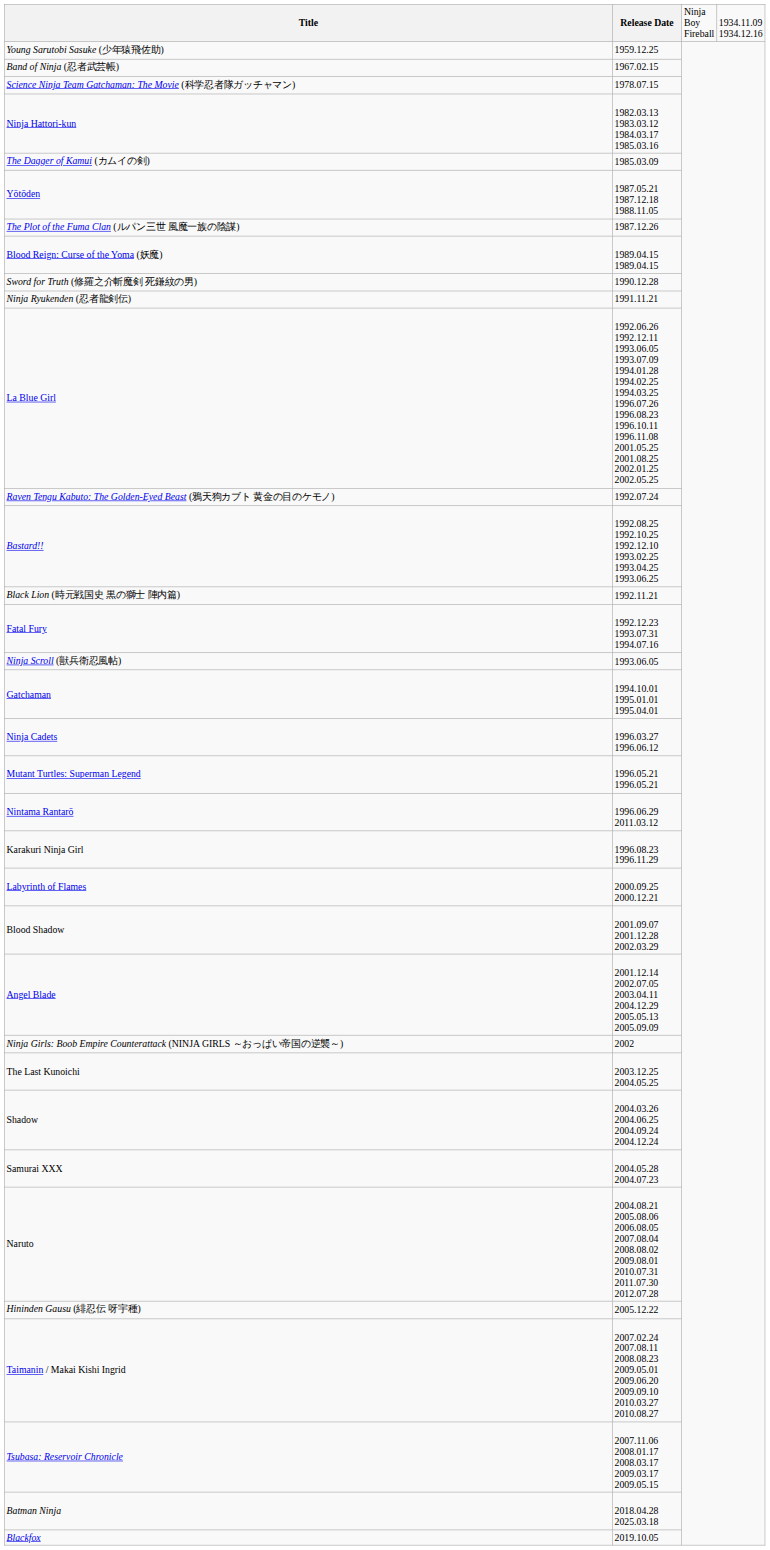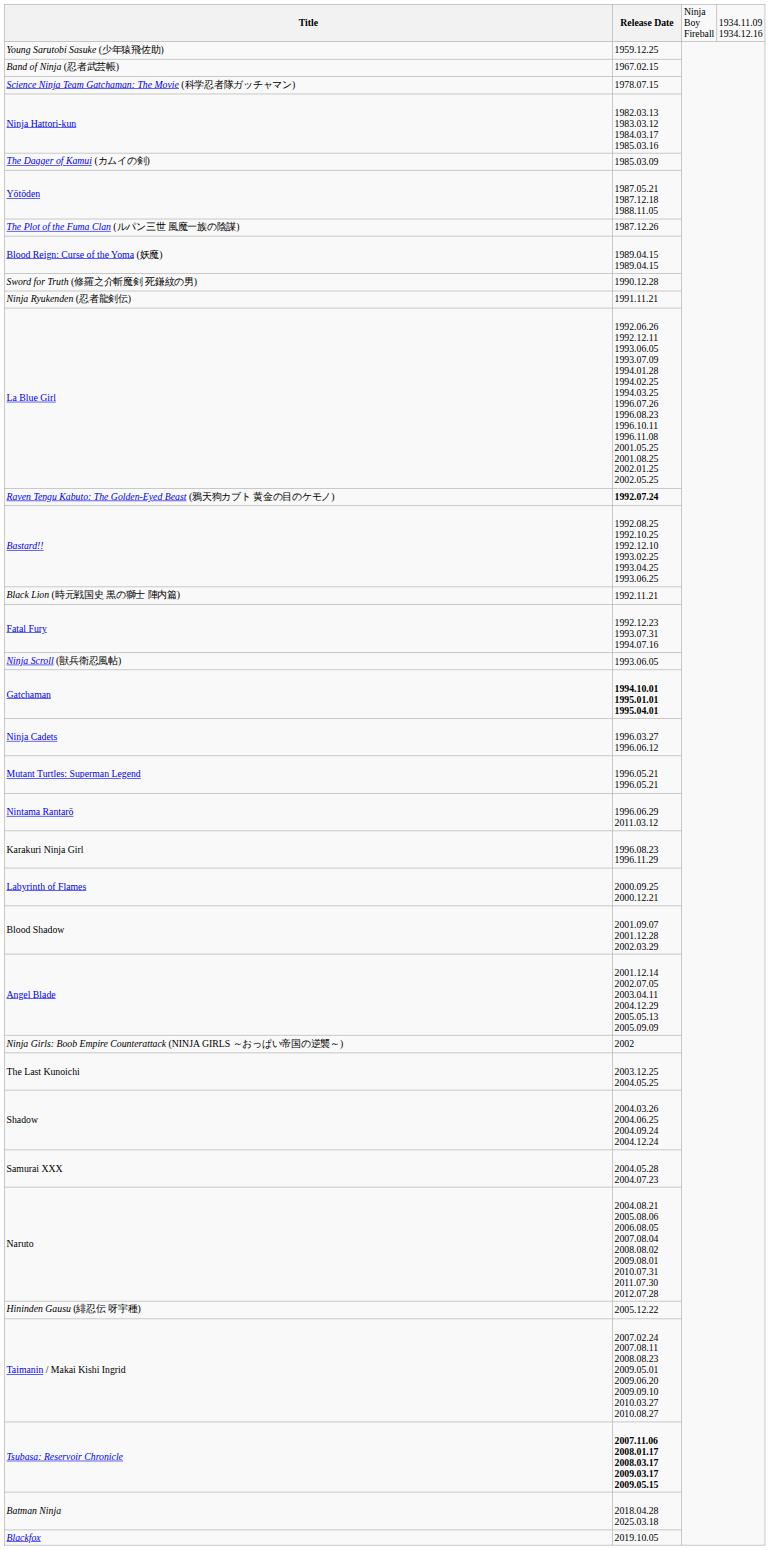 <table class="wikitable">
 <tr>
 <th width="1085">Title</th>
 <th width="110">Release Date</th>
 <td>Ninja Boy Fireball<br></td>
 <td><br>1934.11.09<br>1934.12.16</td>
 </tr>
 <tr>
 <td><em>Young Sarutobi Sasuke</em> (少年猿飛佐助)</td>
 <td>1959.12.25</td>
 </tr>
 <tr>
 <td><em>Band of Ninja</em> (忍者武芸帳)</td>
 <td>1967.02.15</td>
 </tr>
 <tr>
 <td><em><a href='#'>Science Ninja Team Gatchaman: The Movie</a></em> (科学忍者隊ガッチャマン)</td>
 <td>1978.07.15</td>
 </tr>
 <tr>
 <td><a href='#'>Ninja Hattori-kun</a><br></td>
 <td><br>1982.03.13<br>1983.03.12<br>1984.03.17<br>1985.03.16</td>
 </tr>
 <tr>
 <td><em><a href='#'>The Dagger of Kamui</a></em> (カムイの剣)</td>
 <td>1985.03.09</td>
 </tr>
 <tr>
 <td><a href='#'>Yōtōden</a> <br></td>
 <td><br>1987.05.21<br>1987.12.18<br>1988.11.05</td>
 </tr>
 <tr>
 <td><em><a href='#'>The Plot of the Fuma Clan</a></em> (ルパン三世 風魔一族の陰謀)</td>
 <td>1987.12.26</td>
 </tr>
 <tr>
 <td><a href='#'>Blood Reign: Curse of the Yoma</a> (妖魔) <br></td>
 <td><br>1989.04.15<br>1989.04.15</td>
 </tr>
 <tr>
 <td><em>Sword for Truth</em> (修羅之介斬魔剣 死鎌紋の男)</td>
 <td>1990.12.28</td>
 </tr>
 <tr>
 <td><em>Ninja Ryukenden</em> (忍者龍剣伝) </td>
 <td>1991.11.21</td>
 </tr>
 <tr>
 <td><a href='#'>La Blue Girl</a> <br></td>
 <td><br>1992.06.26<br>1992.12.11<br>1993.06.05<br>1993.07.09<br>1994.01.28<br>1994.02.25<br>1994.03.25<br>1996.07.26<br>1996.08.23<br>1996.10.11<br>1996.11.08<br>2001.05.25<br>2001.08.25<br>2002.01.25<br>2002.05.25</td>
 </tr>
 <tr>
 <td><em><a href='#'>Raven Tengu Kabuto: The Golden-Eyed Beast</a></em> (鴉天狗カブト 黄金の目のケモノ)</td>
-<td>1992.07.24</td>
+<td><strong>1992.07.24</strong></td>
 </tr>
 <tr>
 <td><em><a href='#'>Bastard!!</a></em> <br></td>
 <td><br>1992.08.25<br>1992.10.25<br>1992.12.10<br>1993.02.25<br>1993.04.25<br>1993.06.25</td>
 </tr>
 <tr>
 <td><em>Black Lion</em> (時元戦国史 黒の獅士 陣内篇)</td>
 <td>1992.11.21</td>
 </tr>
 <tr>
 <td><a href='#'>Fatal Fury</a><br></td>
 <td><br>1992.12.23<br>1993.07.31<br>1994.07.16</td>
 </tr>
 <tr>
 <td><em><a href='#'>Ninja Scroll</a></em> (獣兵衛忍風帖) </td>
 <td>1993.06.05</td>
 </tr>
 <tr>
 <td><a href='#'>Gatchaman</a> <br></td>
-<td><br>1994.10.01<br>1995.01.01<br>1995.04.01</td>
+<td><strong><br>1994.10.01<br>1995.01.01<br>1995.04.01</strong></td>
 </tr>
 <tr>
 <td><a href='#'>Ninja Cadets</a> <br></td>
 <td><br>1996.03.27<br>1996.06.12</td>
 </tr>
 <tr>
 <td><a href='#'>Mutant Turtles: Superman Legend</a> <br></td>
 <td><br>1996.05.21<br>1996.05.21</td>
 </tr>
 <tr>
 <td><a href='#'>Nintama Rantarō</a> <br></td>
 <td><br>1996.06.29<br>2011.03.12</td>
 </tr>
 <tr>
 <td>Karakuri Ninja Girl <br></td>
 <td><br>1996.08.23<br>1996.11.29</td>
 </tr>
 <tr>
 <td><a href='#'>Labyrinth of Flames</a> <br></td>
 <td><br>2000.09.25<br>2000.12.21</td>
 </tr>
 <tr>
 <td>Blood Shadow <br></td>
 <td><br>2001.09.07<br>2001.12.28<br>2002.03.29</td>
 </tr>
 <tr>
 <td><a href='#'>Angel Blade</a> <br></td>
 <td><br>2001.12.14<br>2002.07.05<br>2003.04.11<br>2004.12.29<br>2005.05.13<br>2005.09.09</td>
 </tr>
 <tr>
 <td><em>Ninja Girls: Boob Empire Counterattack</em> (NINJA GIRLS ～おっぱい帝国の逆襲～)</td>
 <td>2002</td>
 </tr>
 <tr>
 <td>The Last Kunoichi <br></td>
 <td><br>2003.12.25<br>2004.05.25</td>
 </tr>
 <tr>
 <td>Shadow <br></td>
 <td><br>2004.03.26<br>2004.06.25<br>2004.09.24<br>2004.12.24</td>
 </tr>
 <tr>
 <td>Samurai XXX  <br></td>
 <td><br>2004.05.28<br>2004.07.23</td>
 </tr>
 <tr>
 <td>Naruto<br></td>
 <td><br>2004.08.21<br>2005.08.06<br>2006.08.05<br>2007.08.04<br>2008.08.02<br>2009.08.01<br>2010.07.31<br>2011.07.30<br>2012.07.28</td>
 </tr>
 <tr>
 <td><em>Hininden Gausu</em> (緋忍伝 呀宇種) </td>
 <td>2005.12.22</td>
 </tr>
 <tr>
 <td><a href='#'>Taimanin</a> / Makai Kishi Ingrid  <br></td>
 <td><br>2007.02.24<br>2007.08.11<br>2008.08.23<br>2009.05.01<br>2009.06.20<br>2009.09.10<br>2010.03.27<br>2010.08.27</td>
 </tr>
 <tr>
 <td><em><a href='#'>Tsubasa: Reservoir Chronicle</a></em> <br></td>
-<td><br>2007.11.06<br>2008.01.17<br>2008.03.17<br>2009.03.17<br>2009.05.15</td>
+<td><strong><br>2007.11.06<br>2008.01.17<br>2008.03.17<br>2009.03.17<br>2009.05.15</strong></td>
 </tr>
 <tr>
 <td><em>Batman Ninja</em><br></td>
 <td><br>2018.04.28<br>2025.03.18</td>
 </tr>
 <tr>
 <td><em><a href='#'>Blackfox</a></em></td>
 <td>2019.10.05</td>
 </tr>
 </table>
